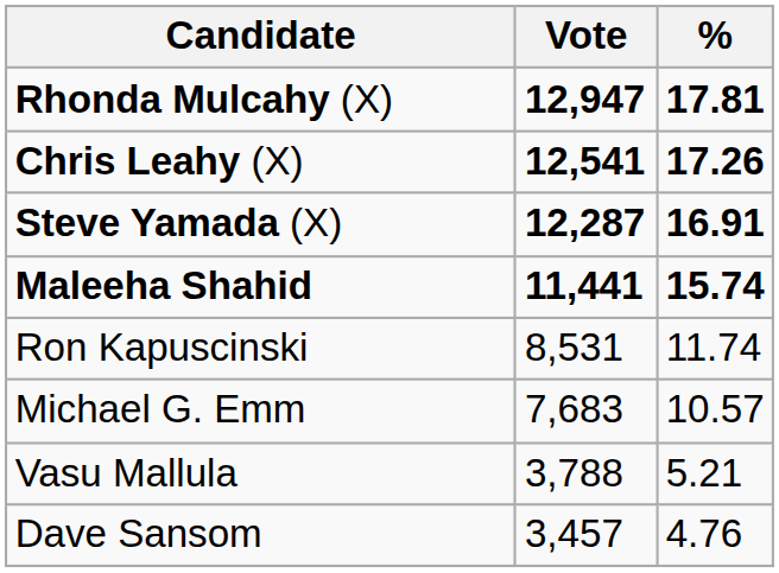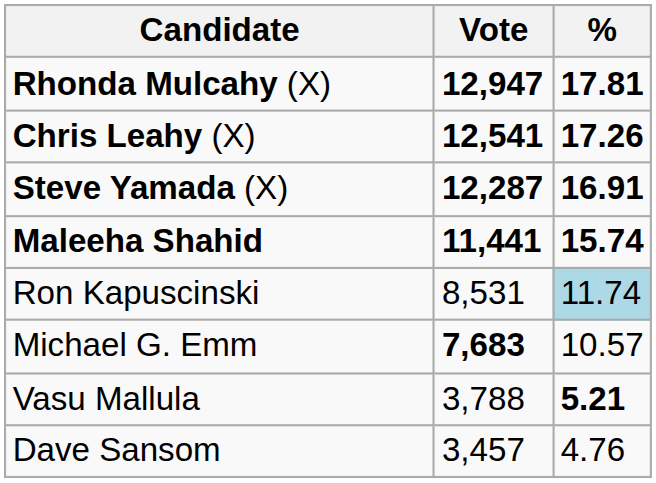 <table class="wikitable">
 <tr>
 <th bgcolor="#DDDDFF" width="200px">Candidate</th>
 <th bgcolor="#DDDDFF" width="50px">Vote</th>
 <th bgcolor="#DDDDFF" width="30px">%</th>
 </tr>
 <tr>
 <td><strong>Rhonda Mulcahy</strong> (X)</td>
 <td><strong>12,947</strong></td>
 <td><strong>17.81</strong></td>
 </tr>
 <tr>
 <td><strong>Chris Leahy</strong> (X)</td>
 <td><strong>12,541</strong></td>
 <td><strong>17.26</strong></td>
 </tr>
 <tr>
 <td><strong>Steve Yamada</strong>  (X)</td>
 <td><strong>12,287</strong></td>
 <td><strong>16.91</strong></td>
 </tr>
 <tr>
 <td><strong>Maleeha Shahid</strong></td>
 <td><strong>11,441</strong></td>
 <td><strong>15.74</strong></td>
 </tr>
 <tr>
 <td>Ron Kapuscinski</td>
 <td>8,531</td>
-<td>11.74</td>
+<td style="background: lightblue;">11.74</td>
 </tr>
 <tr>
 <td>Michael G. Emm</td>
-<td>7,683</td>
+<td><strong>7,683</strong></td>
 <td>10.57</td>
 </tr>
 <tr>
 <td>Vasu Mallula</td>
 <td>3,788</td>
-<td>5.21</td>
+<td><strong>5.21</strong></td>
 </tr>
 <tr>
 <td>Dave Sansom</td>
 <td>3,457</td>
 <td>4.76</td>
 </tr>
 <tr>
 </tr>
 </table>
